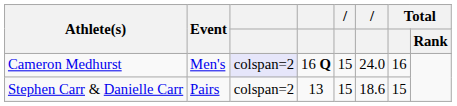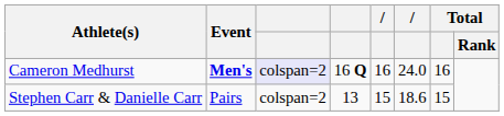 <table class="wikitable" style="font-size:90%">
 <tr>
 <th rowspan="2">Athlete(s)</th>
 <th rowspan="2">Event</th>
 <th></th>
 <th></th>
 <th>/</th>
 <th>/</th>
 <th colspan="2">Total</th>
 </tr>
 <tr>
 <th></th>
 <th></th>
 <th></th>
 <th></th>
 <th></th>
 <th>Rank</th>
 </tr>
 <tr align="center">
 <td align="left"><a href='#'>Cameron Medhurst</a></td>
-<td align="left"><a href='#'>Men's</a></td>
+<td align="left"><strong><a href='#'>Men's</a></strong></td>
 <td style="background: lavender;">colspan=2 </td>
 <td>16 <strong>Q</strong></td>
-<td>15</td>
+<td>16</td>
 <td>24.0</td>
 <td>16</td>
 </tr>
 <tr align="center">
 <td align="left"><a href='#'>Stephen Carr</a> & <a href='#'>Danielle Carr</a></td>
 <td align="left"><a href='#'>Pairs</a></td>
 <td>colspan=2 </td>
 <td>13</td>
 <td>15</td>
 <td>18.6</td>
 <td>15</td>
 </tr>
 </table>
